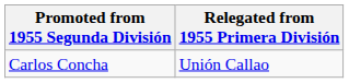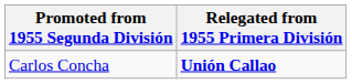 <table class="wikitable">
 <tr>
 <th>Promoted from<br><a href='#'>1955 Segunda División</a></th>
 <th>Relegated from<br><a href='#'>1955 Primera División</a></th>
 </tr>
 <tr>
 <td> <a href='#'>Carlos Concha</a> </td>
-<td> <a href='#'>Unión Callao</a> </td>
+<td><strong> <a href='#'>Unión Callao</a> </strong></td>
 </tr>
 </table>
